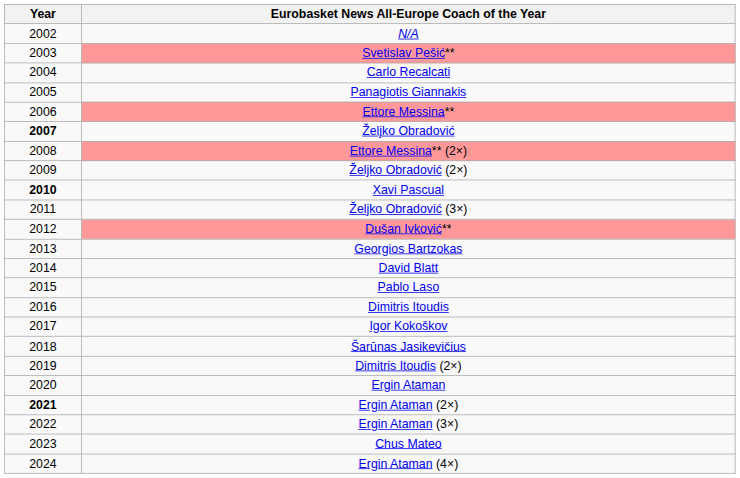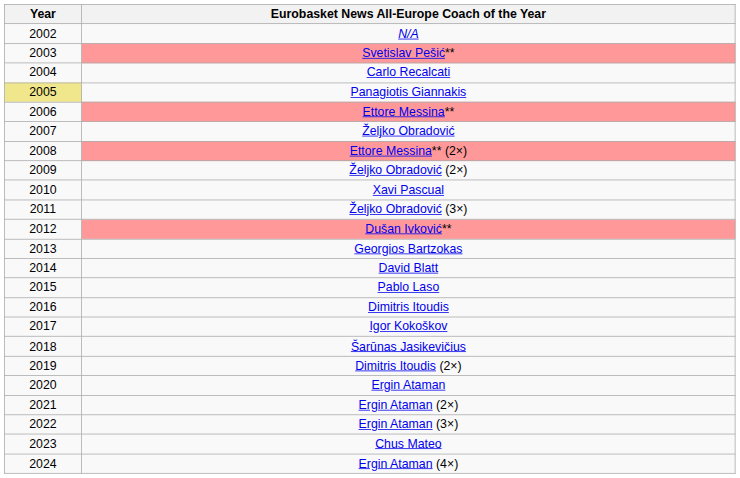 <table class="wikitable sortable" style="text-align:center; width: 60%">
 <tr>
 <th scope="col">Year</th>
 <th scope="col">Eurobasket News All-Europe Coach of the Year</th>
 </tr>
 <tr>
 <td style="text-align:center">2002</td>
 <td><em><a href='#'>N/A</a></em></td>
 </tr>
 <tr>
 <td style="text-align:center">2003</td>
 <td scope="row" style="background-color:#FF9999; align=left"> <a href='#'>Svetislav Pešić</a>**</td>
 </tr>
 <tr>
 <td style="text-align:center">2004</td>
 <td> <a href='#'>Carlo Recalcati</a></td>
 </tr>
 <tr>
-<td style="text-align:center">2005</td>
+<td style="background: khaki; text-align:center">2005</td>
 <td> <a href='#'>Panagiotis Giannakis</a></td>
 </tr>
 <tr>
 <td style="text-align:center">2006</td>
 <td scope="row" style="background-color:#FF9999; align=left"> <a href='#'>Ettore Messina</a>**</td>
 </tr>
 <tr>
-<td style="text-align:center"><strong>2007</strong></td>
+<td style="text-align:center">2007</td>
 <td> <a href='#'>Željko Obradović</a></td>
 </tr>
 <tr>
 <td style="text-align:center">2008</td>
 <td scope="row" style="background-color:#FF9999; align=left"> <a href='#'>Ettore Messina</a>** (2×)</td>
 </tr>
 <tr>
 <td style="text-align:center">2009</td>
 <td> <a href='#'>Željko Obradović</a> (2×)</td>
 </tr>
 <tr>
-<td style="text-align:center"><strong>2010</strong></td>
+<td style="text-align:center">2010</td>
 <td> <a href='#'>Xavi Pascual</a></td>
 </tr>
 <tr>
 <td style="text-align:center">2011</td>
 <td> <a href='#'>Željko Obradović</a> (3×)</td>
 </tr>
 <tr>
 <td style="text-align:center">2012</td>
 <td scope="row" style="background-color:#FF9999; align=left"> <a href='#'>Dušan Ivković</a>**</td>
 </tr>
 <tr>
 <td style="text-align:center">2013</td>
 <td> <a href='#'>Georgios Bartzokas</a></td>
 </tr>
 <tr>
 <td style="text-align:center">2014</td>
 <td> <a href='#'>David Blatt</a></td>
 </tr>
 <tr>
 <td style="text-align:center">2015</td>
 <td> <a href='#'>Pablo Laso</a></td>
 </tr>
 <tr>
 <td style="text-align:center">2016</td>
 <td> <a href='#'>Dimitris Itoudis</a></td>
 </tr>
 <tr>
 <td style="text-align:center">2017</td>
 <td> <a href='#'>Igor Kokoškov</a></td>
 </tr>
 <tr>
 <td style="text-align:center">2018</td>
 <td> <a href='#'>Šarūnas Jasikevičius</a></td>
 </tr>
 <tr>
 <td style="text-align:center">2019</td>
 <td> <a href='#'>Dimitris Itoudis</a> (2×)</td>
 </tr>
 <tr>
 <td style="text-align:center">2020</td>
 <td> <a href='#'>Ergin Ataman</a></td>
 </tr>
 <tr>
-<td style="text-align:center"><strong>2021</strong></td>
+<td style="text-align:center">2021</td>
 <td> <a href='#'>Ergin Ataman</a> (2×)</td>
 </tr>
 <tr>
 <td style="text-align:center">2022</td>
 <td> <a href='#'>Ergin Ataman</a> (3×)</td>
 </tr>
 <tr>
 <td style="text-align:center">2023</td>
 <td> <a href='#'>Chus Mateo</a></td>
 </tr>
 <tr>
 <td style="text-align:center">2024</td>
 <td> <a href='#'>Ergin Ataman</a> (4×)</td>
 </tr>
 </table>
